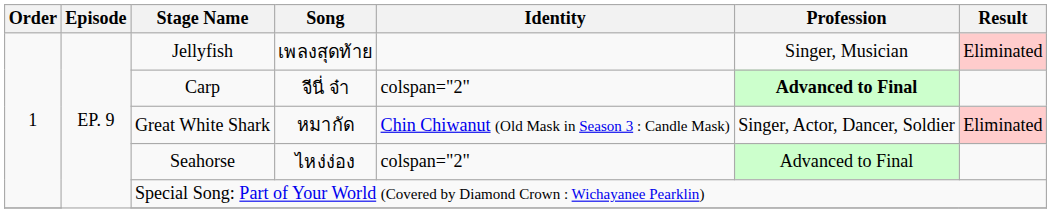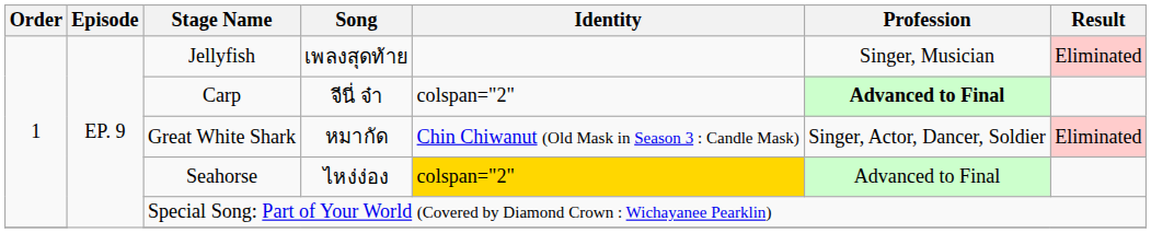 <table class="wikitable">
 <tr>
 <th>Order</th>
 <th>Episode</th>
 <th>Stage Name</th>
 <th>Song</th>
 <th>Identity</th>
 <th>Profession</th>
 <th>Result</th>
 </tr>
 <tr>
 <td rowspan="5" style="text-align:center;">1</td>
 <td rowspan="6" align="center">EP. 9</td>
 <td style="text-align:center;">Jellyfish</td>
 <td style="text-align:center;">เพลงสุดท้าย</td>
 <td style="text-align:center;"></td>
 <td style="text-align:center;">Singer, Musician</td>
 <td style="text-align:center; background:#ffcccc;">Eliminated</td>
 </tr>
 <tr>
 <td style="text-align:center;">Carp</td>
 <td style="text-align:center;">จีนี่ จ๋า</td>
 <td>colspan="2"  </td>
 <td style="text-align:center; background:#ccffcc;"><strong>Advanced to Final</strong></td>
 </tr>
 <tr>
 <td style="text-align:center;">Great White Shark</td>
 <td style="text-align:center;">หมากัด</td>
 <td style="text-align:center;"><a href='#'>Chin Chiwanut</a> <small>(Old Mask in <a href='#'>Season 3</a> : Candle Mask)</small></td>
 <td style="text-align:center;">Singer, Actor, Dancer, Soldier</td>
 <td style="text-align:center; background:#ffcccc;">Eliminated</td>
 </tr>
 <tr>
 <td style="text-align:center;">Seahorse</td>
 <td style="text-align:center;">ไหง่ง่อง</td>
-<td>colspan="2"  </td>
+<td style="background: gold;">colspan="2"  </td>
 <td style="text-align:center; background:#ccffcc;">Advanced to Final</td>
 </tr>
 <tr>
 <td colspan="5">Special Song: <a href='#'>Part of Your World</a> <small>(Covered by Diamond Crown : <a href='#'>Wichayanee Pearklin</a>)</small></td>
 </tr>
 <tr>
 </tr>
 </table>
